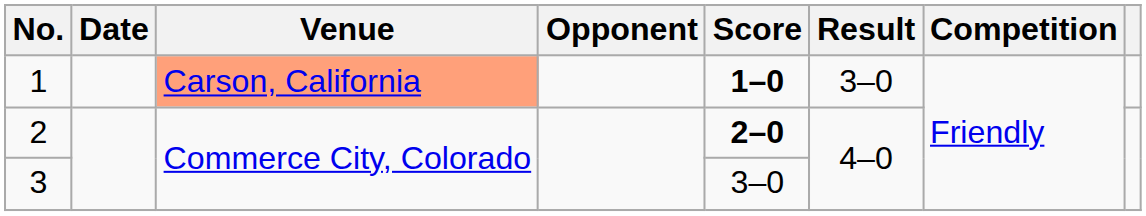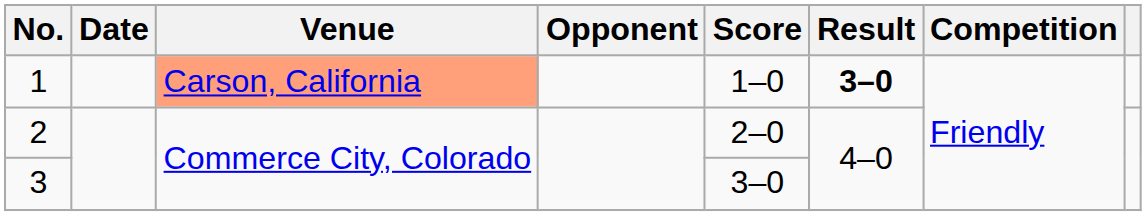 <table class="wikitable sortable">
 <tr>
 <th scope="col">No.</th>
 <th scope="col">Date</th>
 <th scope="col">Venue</th>
 <th scope="col">Opponent</th>
 <th scope="col">Score</th>
 <th scope="col">Result</th>
 <th scope="col">Competition</th>
 <th scope="col" class="unsortable"></th>
 </tr>
 <tr>
 <td style="text-align:center">1</td>
 <td></td>
 <td style="background: lightsalmon;"><a href='#'>Carson, California</a></td>
 <td></td>
-<td style="text-align:center"><strong>1–0</strong></td>
-<td style="text-align:center">3–0</td>
+<td style="text-align:center">1–0</td>
+<td style="text-align:center"><strong>3–0</strong></td>
 <td rowspan=3><a href='#'>Friendly</a></td>
 <td></td>
 </tr>
 <tr>
 <td style="text-align:center">2</td>
 <td rowspan=2></td>
 <td rowspan=2><a href='#'>Commerce City, Colorado</a></td>
 <td rowspan=2></td>
-<td style="text-align:center"><strong>2–0</strong></td>
+<td style="text-align:center">2–0</td>
 <td rowspan=2 style="text-align:center">4–0</td>
 <td rowspan=2></td>
 </tr>
 <tr>
 <td style="text-align:center">3</td>
 <td style="text-align:center">3–0</td>
 </tr>
 </table>
